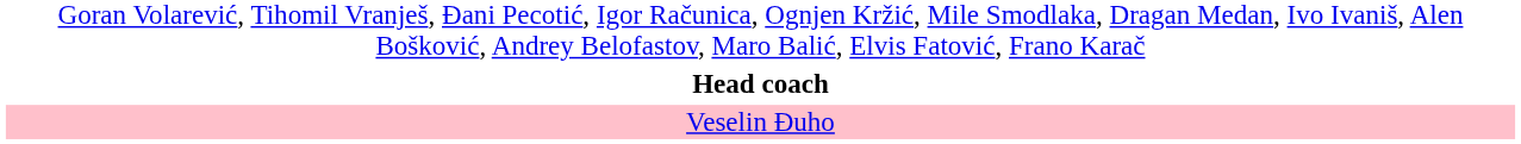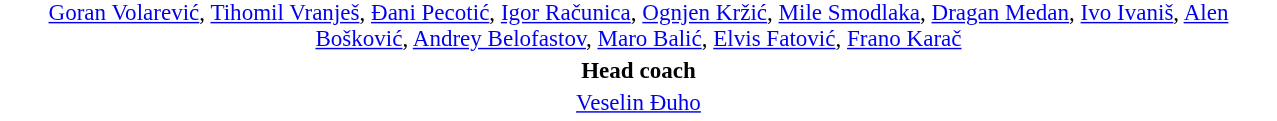 <table style="text-align: center; margin-top: 2em; margin-left: auto; margin-right: auto">
 <tr>
 <td><a href='#'>Goran Volarević</a>, <a href='#'>Tihomil Vranješ</a>, <a href='#'>Đani Pecotić</a>, <a href='#'>Igor Računica</a>, <a href='#'>Ognjen Kržić</a>, <a href='#'>Mile Smodlaka</a>, <a href='#'>Dragan Medan</a>, <a href='#'>Ivo Ivaniš</a>, <a href='#'>Alen Bošković</a>, <a href='#'>Andrey Belofastov</a>, <a href='#'>Maro Balić</a>, <a href='#'>Elvis Fatović</a>, <a href='#'>Frano Karač</a></td>
 </tr>
 <tr>
 <td><strong>Head coach</strong></td>
 </tr>
 <tr>
-<td style="background: pink;"><a href='#'>Veselin Đuho</a></td>
+<td><a href='#'>Veselin Đuho</a></td>
 </tr>
 </table>
